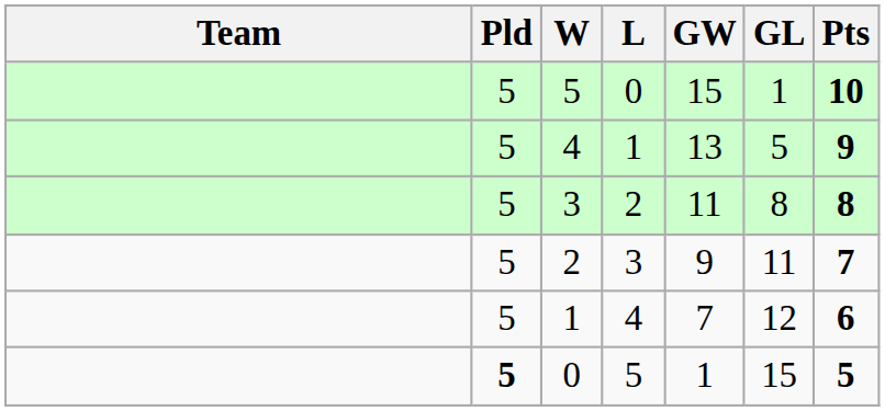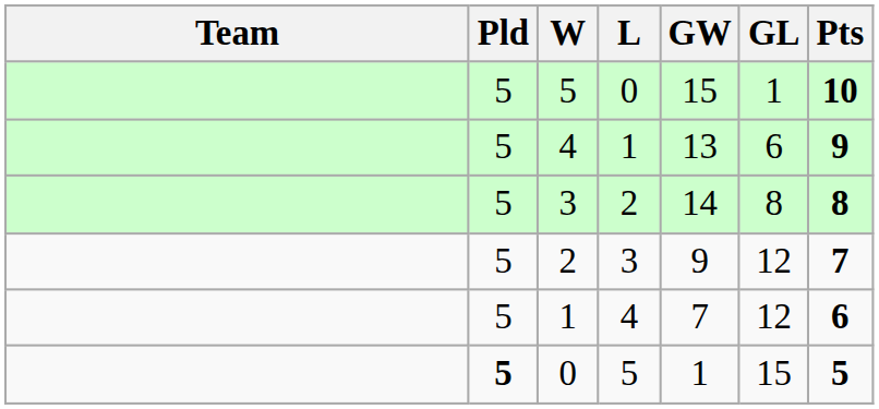 <table class="wikitable" style="text-align:center">
 <tr>
 <th width=200>Team</th>
 <th width=20>Pld</th>
 <th width=20>W</th>
 <th width=20>L</th>
 <th width=20>GW</th>
 <th width=20>GL</th>
 <th width=20>Pts</th>
 </tr>
 <tr bgcolor="ccffcc">
 <td style="text-align:left;"></td>
 <td>5</td>
 <td>5</td>
 <td>0</td>
 <td>15</td>
 <td>1</td>
 <td><strong>10</strong></td>
 </tr>
 <tr bgcolor="ccffcc">
 <td style="text-align:left;"></td>
 <td>5</td>
 <td>4</td>
 <td>1</td>
 <td>13</td>
-<td>5</td>
+<td>6</td>
 <td><strong>9</strong></td>
 </tr>
 <tr bgcolor="ccffcc">
 <td style="text-align:left;"></td>
 <td>5</td>
 <td>3</td>
 <td>2</td>
-<td>11</td>
+<td>14</td>
 <td>8</td>
 <td><strong>8</strong></td>
 </tr>
 <tr>
 <td style="text-align:left;"></td>
 <td>5</td>
 <td>2</td>
 <td>3</td>
 <td>9</td>
-<td>11</td>
+<td>12</td>
 <td><strong>7</strong></td>
 </tr>
 <tr>
 <td style="text-align:left;"></td>
 <td>5</td>
 <td>1</td>
 <td>4</td>
 <td>7</td>
 <td>12</td>
 <td><strong>6</strong></td>
 </tr>
 <tr>
 <td style="text-align:left;"></td>
 <td><strong>5</strong></td>
 <td>0</td>
 <td>5</td>
 <td>1</td>
 <td>15</td>
 <td><strong>5</strong></td>
 </tr>
 </table>
